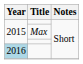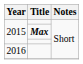 <table class="wikitable">
 <tr>
 <th>Year</th>
 <th>Title</th>
 <th>Notes</th>
 </tr>
 <tr>
 <td rowspan=3>2015</td>
 <td></td>
 <td rowspan=4>Short</td>
 </tr>
 <tr>
-<td><em>Max</em></td>
+<td><strong><em>Max</em></strong></td>
 </tr>
 <tr>
 <td></td>
 </tr>
 <tr>
-<td style="background: lightblue;">2016</td>
+<td>2016</td>
 <td></td>
 </tr>
 <tr>
 </tr>
 </table>
